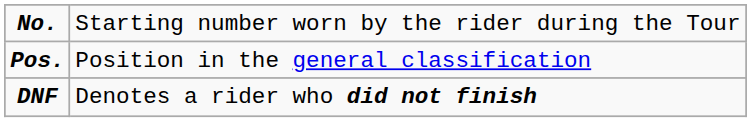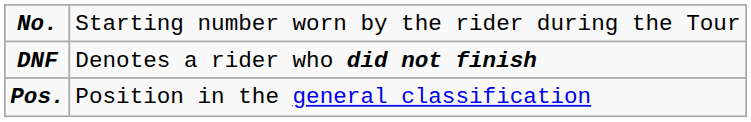 <table class="wikitable">
 <tr>
 <td align=center><strong><em>No.</em></strong></td>
 <td>Starting number worn by the rider during the Tour</td>
 </tr>
 <tr>
+<td align=center><strong><em>DNF</em></strong></td>
+<td>Denotes a rider who <strong><em>did not finish</em></strong></td>
+</tr>
+<tr>
 <td align=center><strong><em>Pos.</em></strong></td>
 <td>Position in the <a href='#'>  general classification</a></td>
 </tr>
-<tr>
-<td align=center><strong><em>DNF</em></strong></td>
-<td>Denotes a rider who <strong><em>did not finish</em></strong></td>
-</tr>
 </table>
